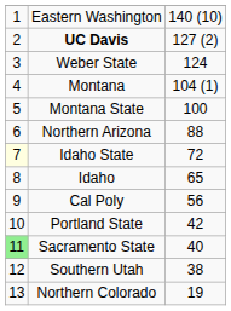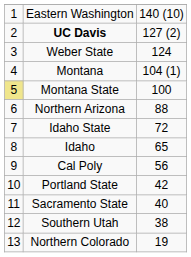 <table class="wikitable" style="display: inline-table;">
 <tr align="center">
 </tr>
 <tr align="center">
 <td>1</td>
 <td>Eastern Washington</td>
 <td>140 (10)</td>
 </tr>
 <tr align="center">
 <td>2</td>
 <td><strong>UC Davis</strong></td>
 <td>127 (2)</td>
 </tr>
 <tr align="center">
 <td>3</td>
 <td>Weber State</td>
 <td>124</td>
 </tr>
 <tr align="center">
 <td>4</td>
 <td>Montana</td>
 <td>104 (1)</td>
 </tr>
 <tr align="center">
-<td>5</td>
+<td style="background: khaki;">5</td>
 <td>Montana State</td>
 <td>100</td>
 </tr>
 <tr align="center">
 <td>6</td>
 <td>Northern Arizona</td>
 <td>88</td>
 </tr>
 <tr align="center">
-<td style="background: lightyellow;">7</td>
+<td>7</td>
 <td>Idaho State</td>
 <td>72</td>
 </tr>
 <tr align="center">
 <td>8</td>
 <td>Idaho</td>
 <td>65</td>
 </tr>
 <tr align="center">
 <td>9</td>
 <td>Cal Poly</td>
 <td>56</td>
 </tr>
 <tr align="center">
 <td>10</td>
 <td>Portland State</td>
 <td>42</td>
 </tr>
 <tr align="center">
-<td style="background: lightgreen;">11</td>
+<td>11</td>
 <td>Sacramento State</td>
 <td>40</td>
 </tr>
 <tr align="center">
 <td>12</td>
 <td>Southern Utah</td>
 <td>38</td>
 </tr>
 <tr align="center">
 <td>13</td>
 <td>Northern Colorado</td>
 <td>19</td>
 </tr>
 </table>
